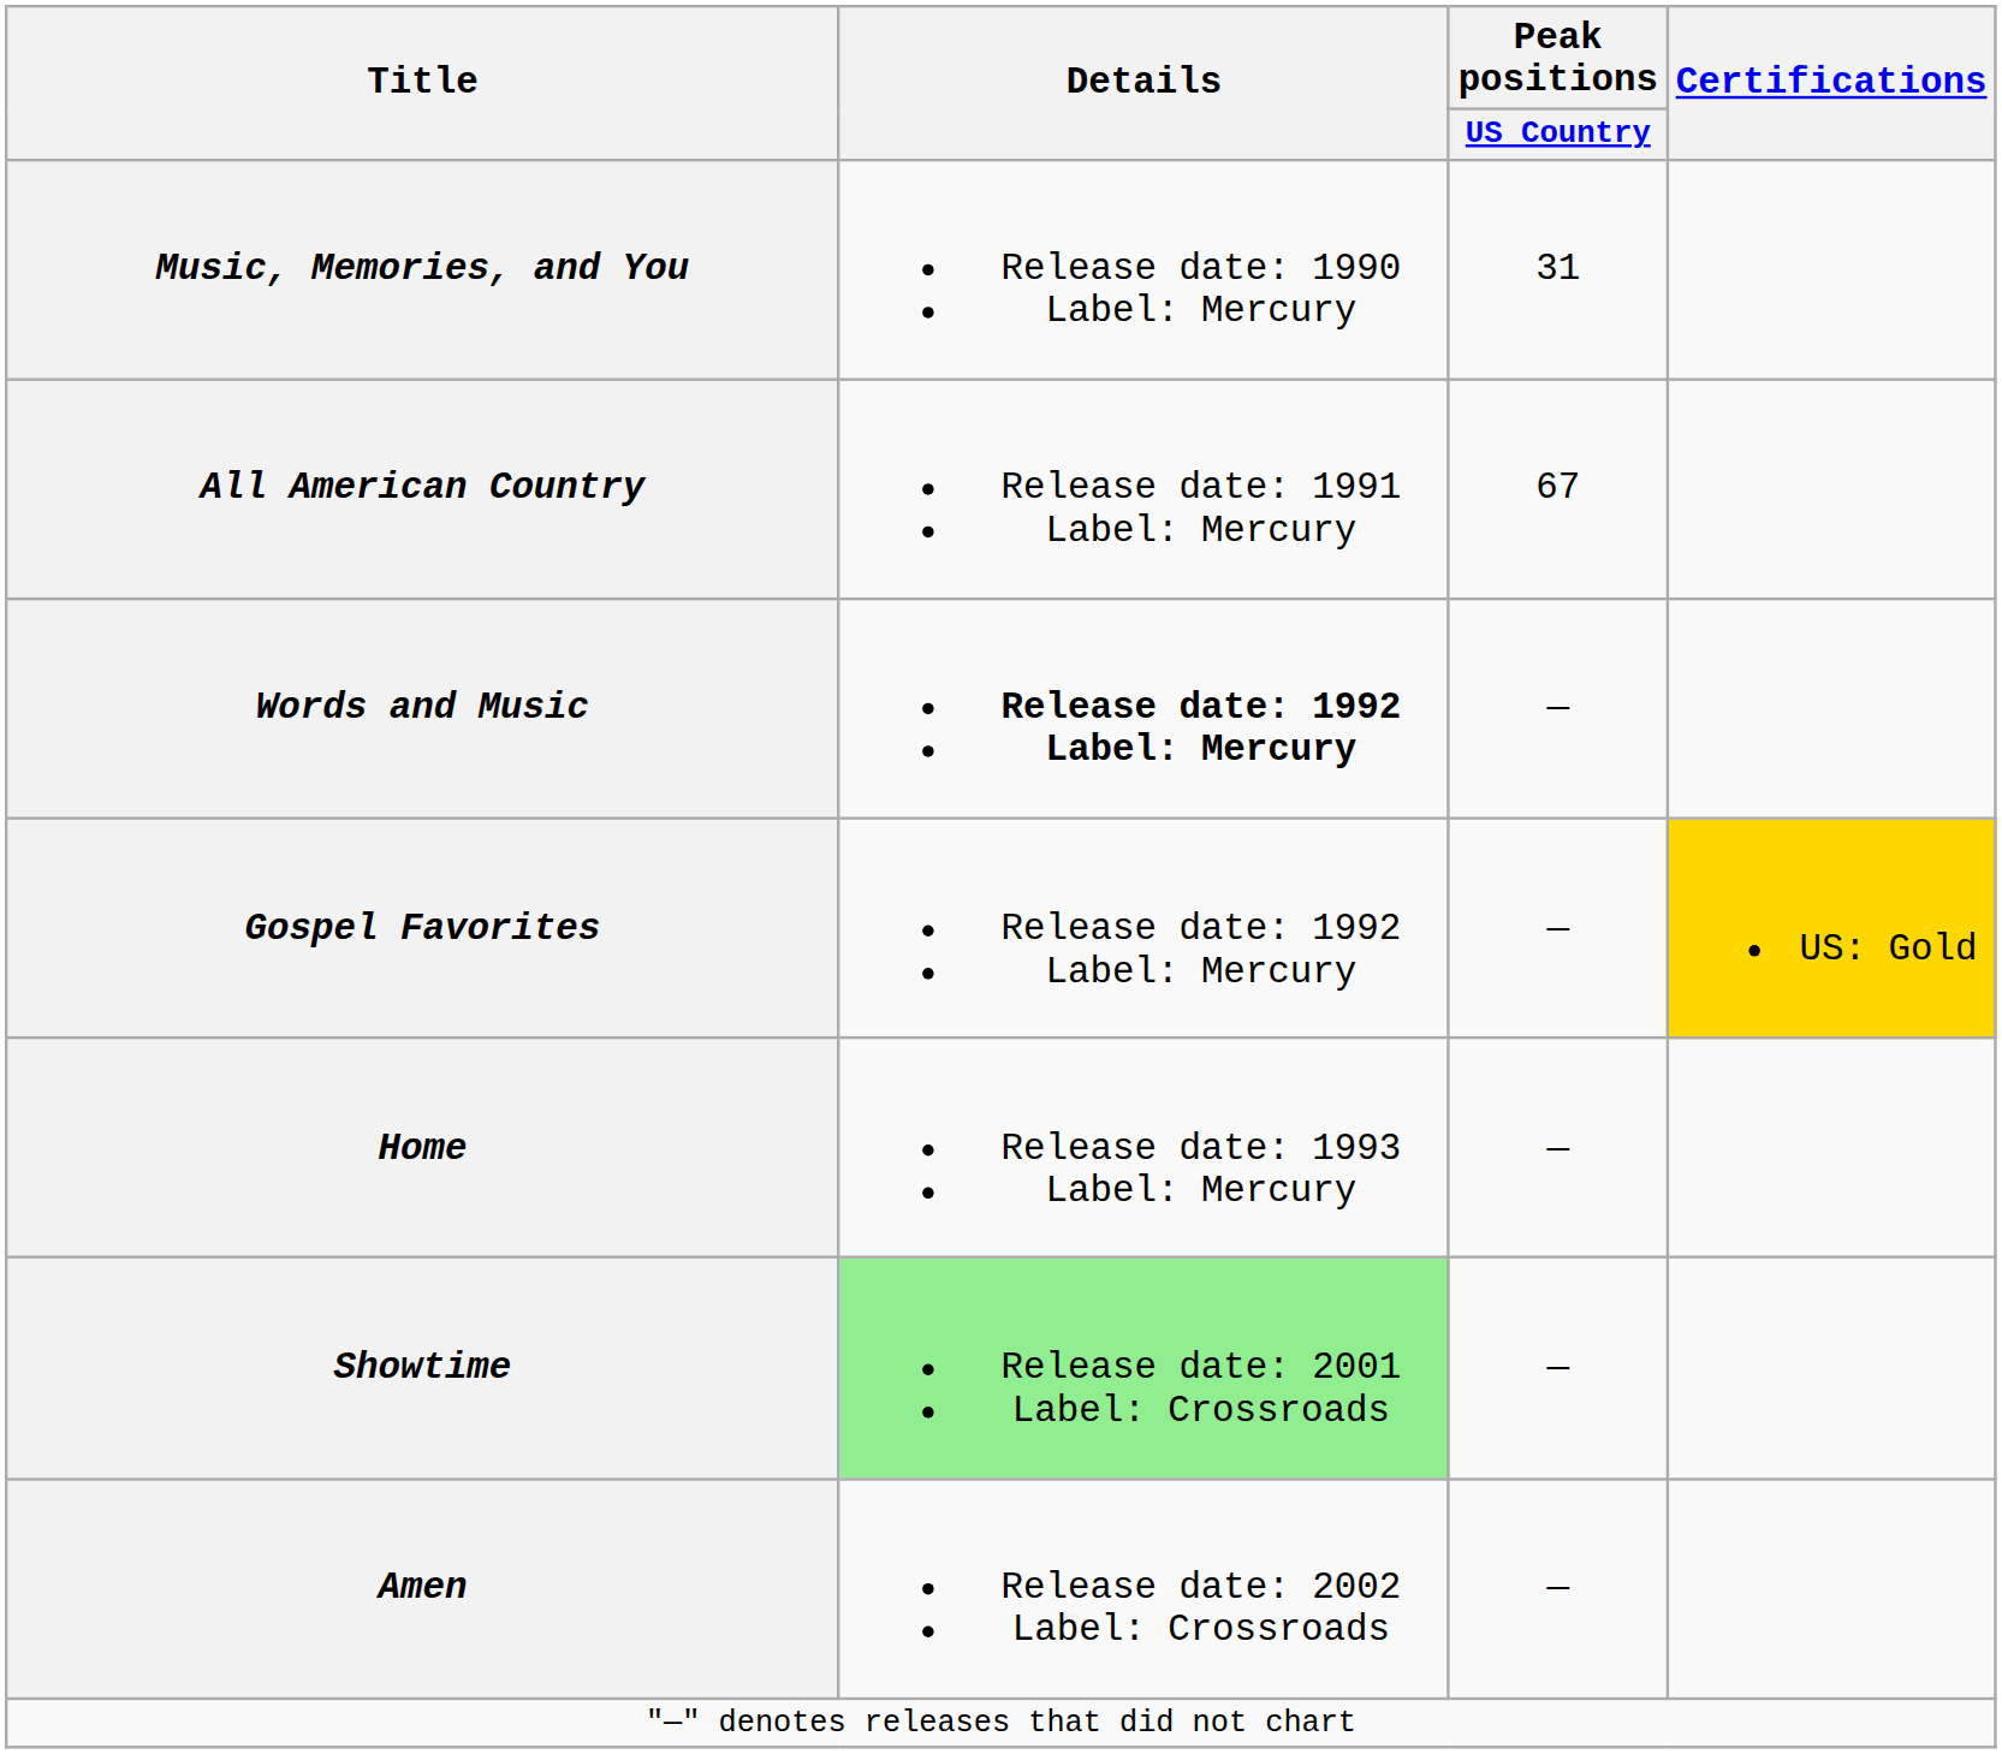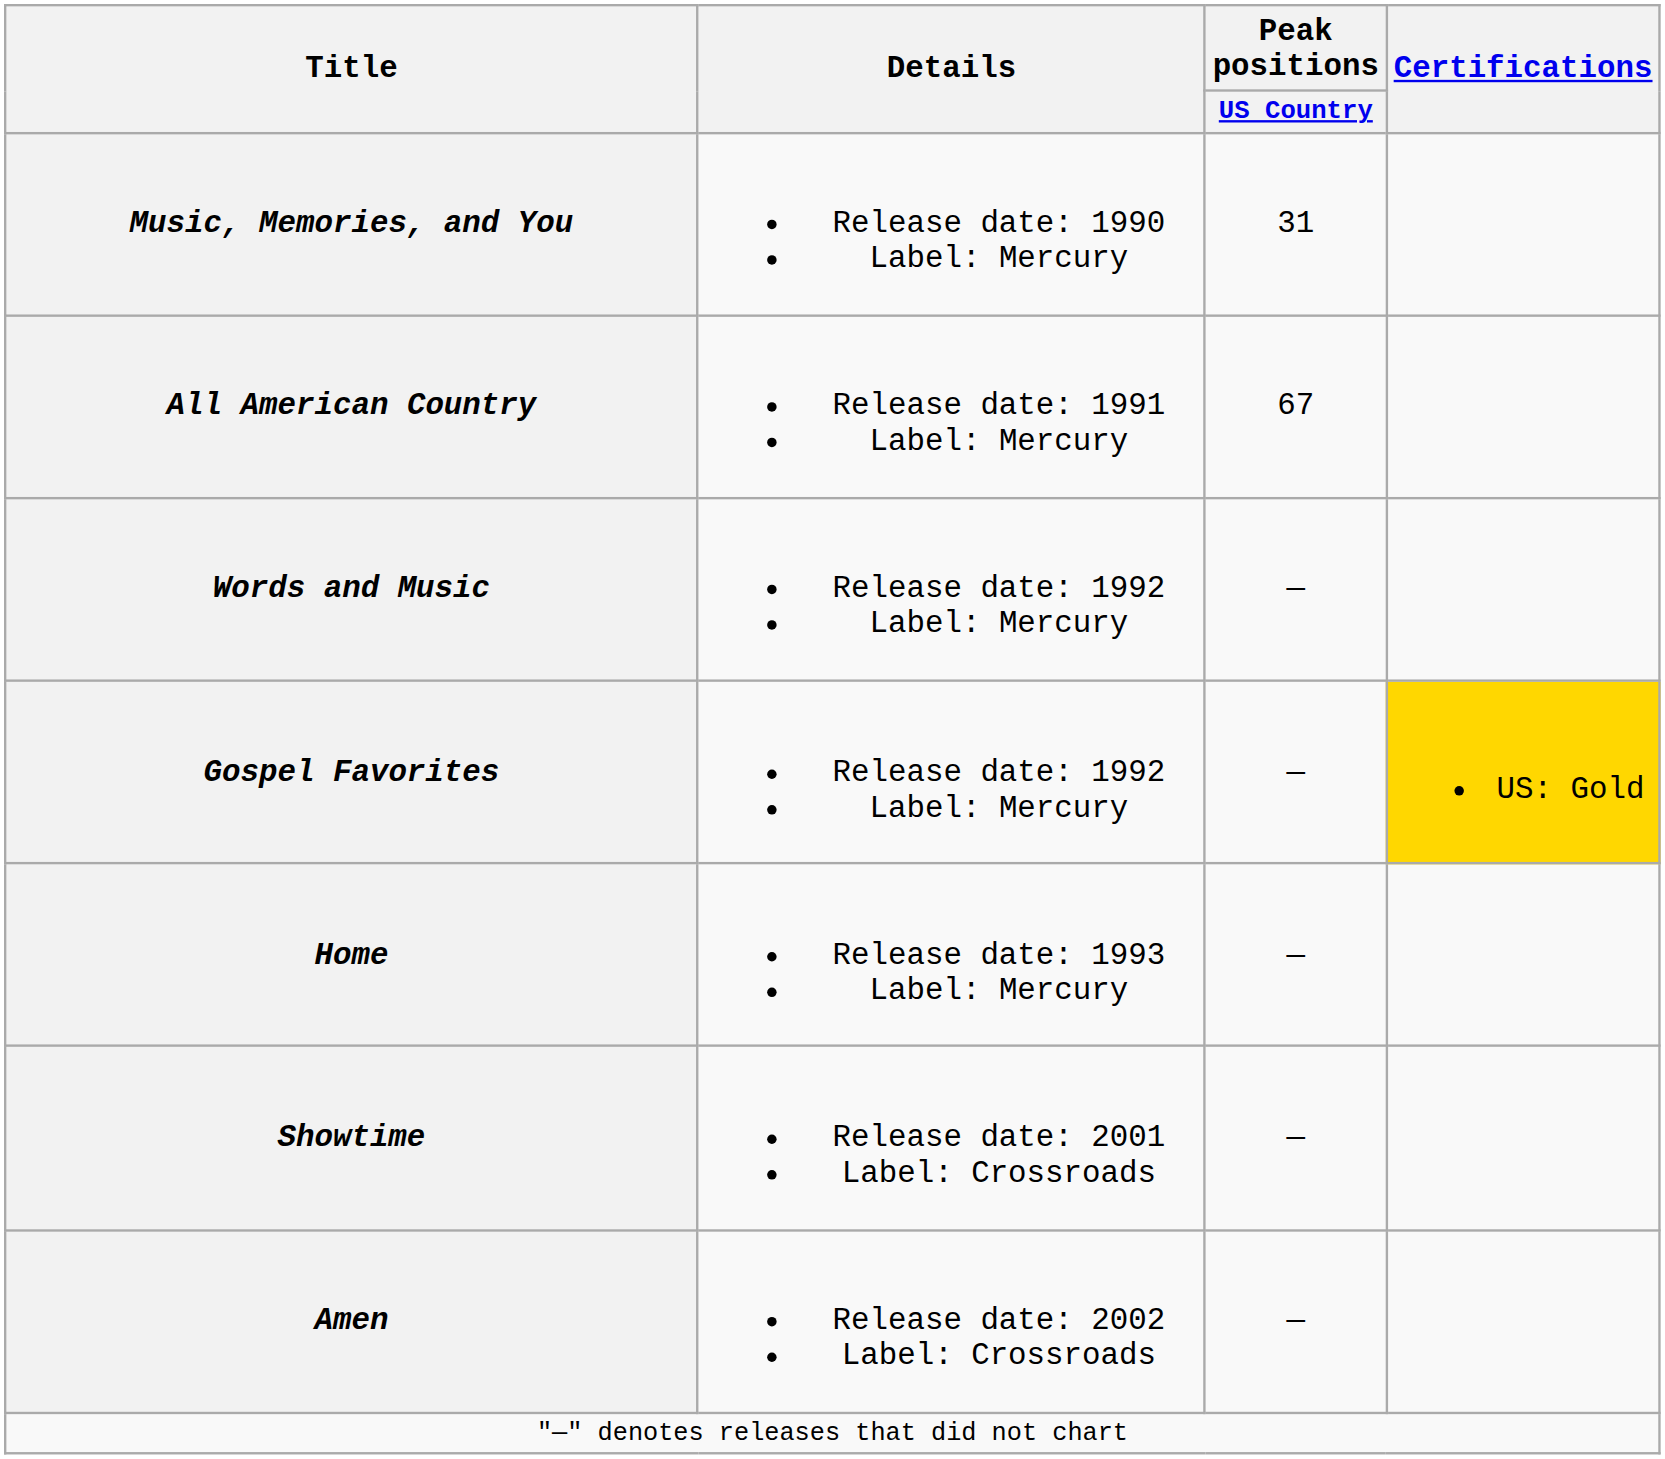 <table class="wikitable plainrowheaders" style="text-align:center;">
 <tr>
 <th rowspan="2" style="width:22em;">Title</th>
 <th rowspan="2" style="width:16em;">Details</th>
 <th>Peak positions</th>
 <th rowspan="2" style="width:8em;"><a href='#'>Certifications</a></th>
 </tr>
 <tr style="font-size:smaller;">
 <th width="65"><a href='#'>US Country</a><br></th>
 </tr>
 <tr>
 <th scope="row"><em>Music, Memories, and You</em></th>
 <td><br><ul><li>Release date: 1990</li><li>Label: Mercury</li></ul></td>
 <td>31</td>
 <td></td>
 </tr>
 <tr>
 <th scope="row"><em>All American Country</em></th>
 <td><br><ul><li>Release date: 1991</li><li>Label: Mercury</li></ul></td>
 <td>67</td>
 <td></td>
 </tr>
 <tr>
 <th scope="row"><em>Words and Music</em></th>
-<td><strong><br><ul><li>Release date: 1992</li><li>Label: Mercury</li></ul></strong></td>
+<td><br><ul><li>Release date: 1992</li><li>Label: Mercury</li></ul></td>
 <td>—</td>
 <td></td>
 </tr>
 <tr>
 <th scope="row"><em>Gospel Favorites</em></th>
 <td><br><ul><li>Release date: 1992</li><li>Label: Mercury</li></ul></td>
 <td>—</td>
 <td style="background: gold;"><br><ul><li>US: Gold</li></ul></td>
 </tr>
 <tr>
 <th scope="row"><em>Home</em></th>
 <td><br><ul><li>Release date: 1993</li><li>Label: Mercury</li></ul></td>
 <td>—</td>
 <td></td>
 </tr>
 <tr>
 <th scope="row"><em>Showtime</em></th>
-<td style="background: lightgreen;"><br><ul><li>Release date: 2001</li><li>Label: Crossroads</li></ul></td>
+<td><br><ul><li>Release date: 2001</li><li>Label: Crossroads</li></ul></td>
 <td>—</td>
 <td></td>
 </tr>
 <tr>
 <th scope="row"><em>Amen</em></th>
 <td><br><ul><li>Release date: 2002</li><li>Label: Crossroads</li></ul></td>
 <td>—</td>
 <td></td>
 </tr>
 <tr>
 <td colspan="5" style="font-size:8pt">"—" denotes releases that did not chart</td>
 </tr>
 </table>
